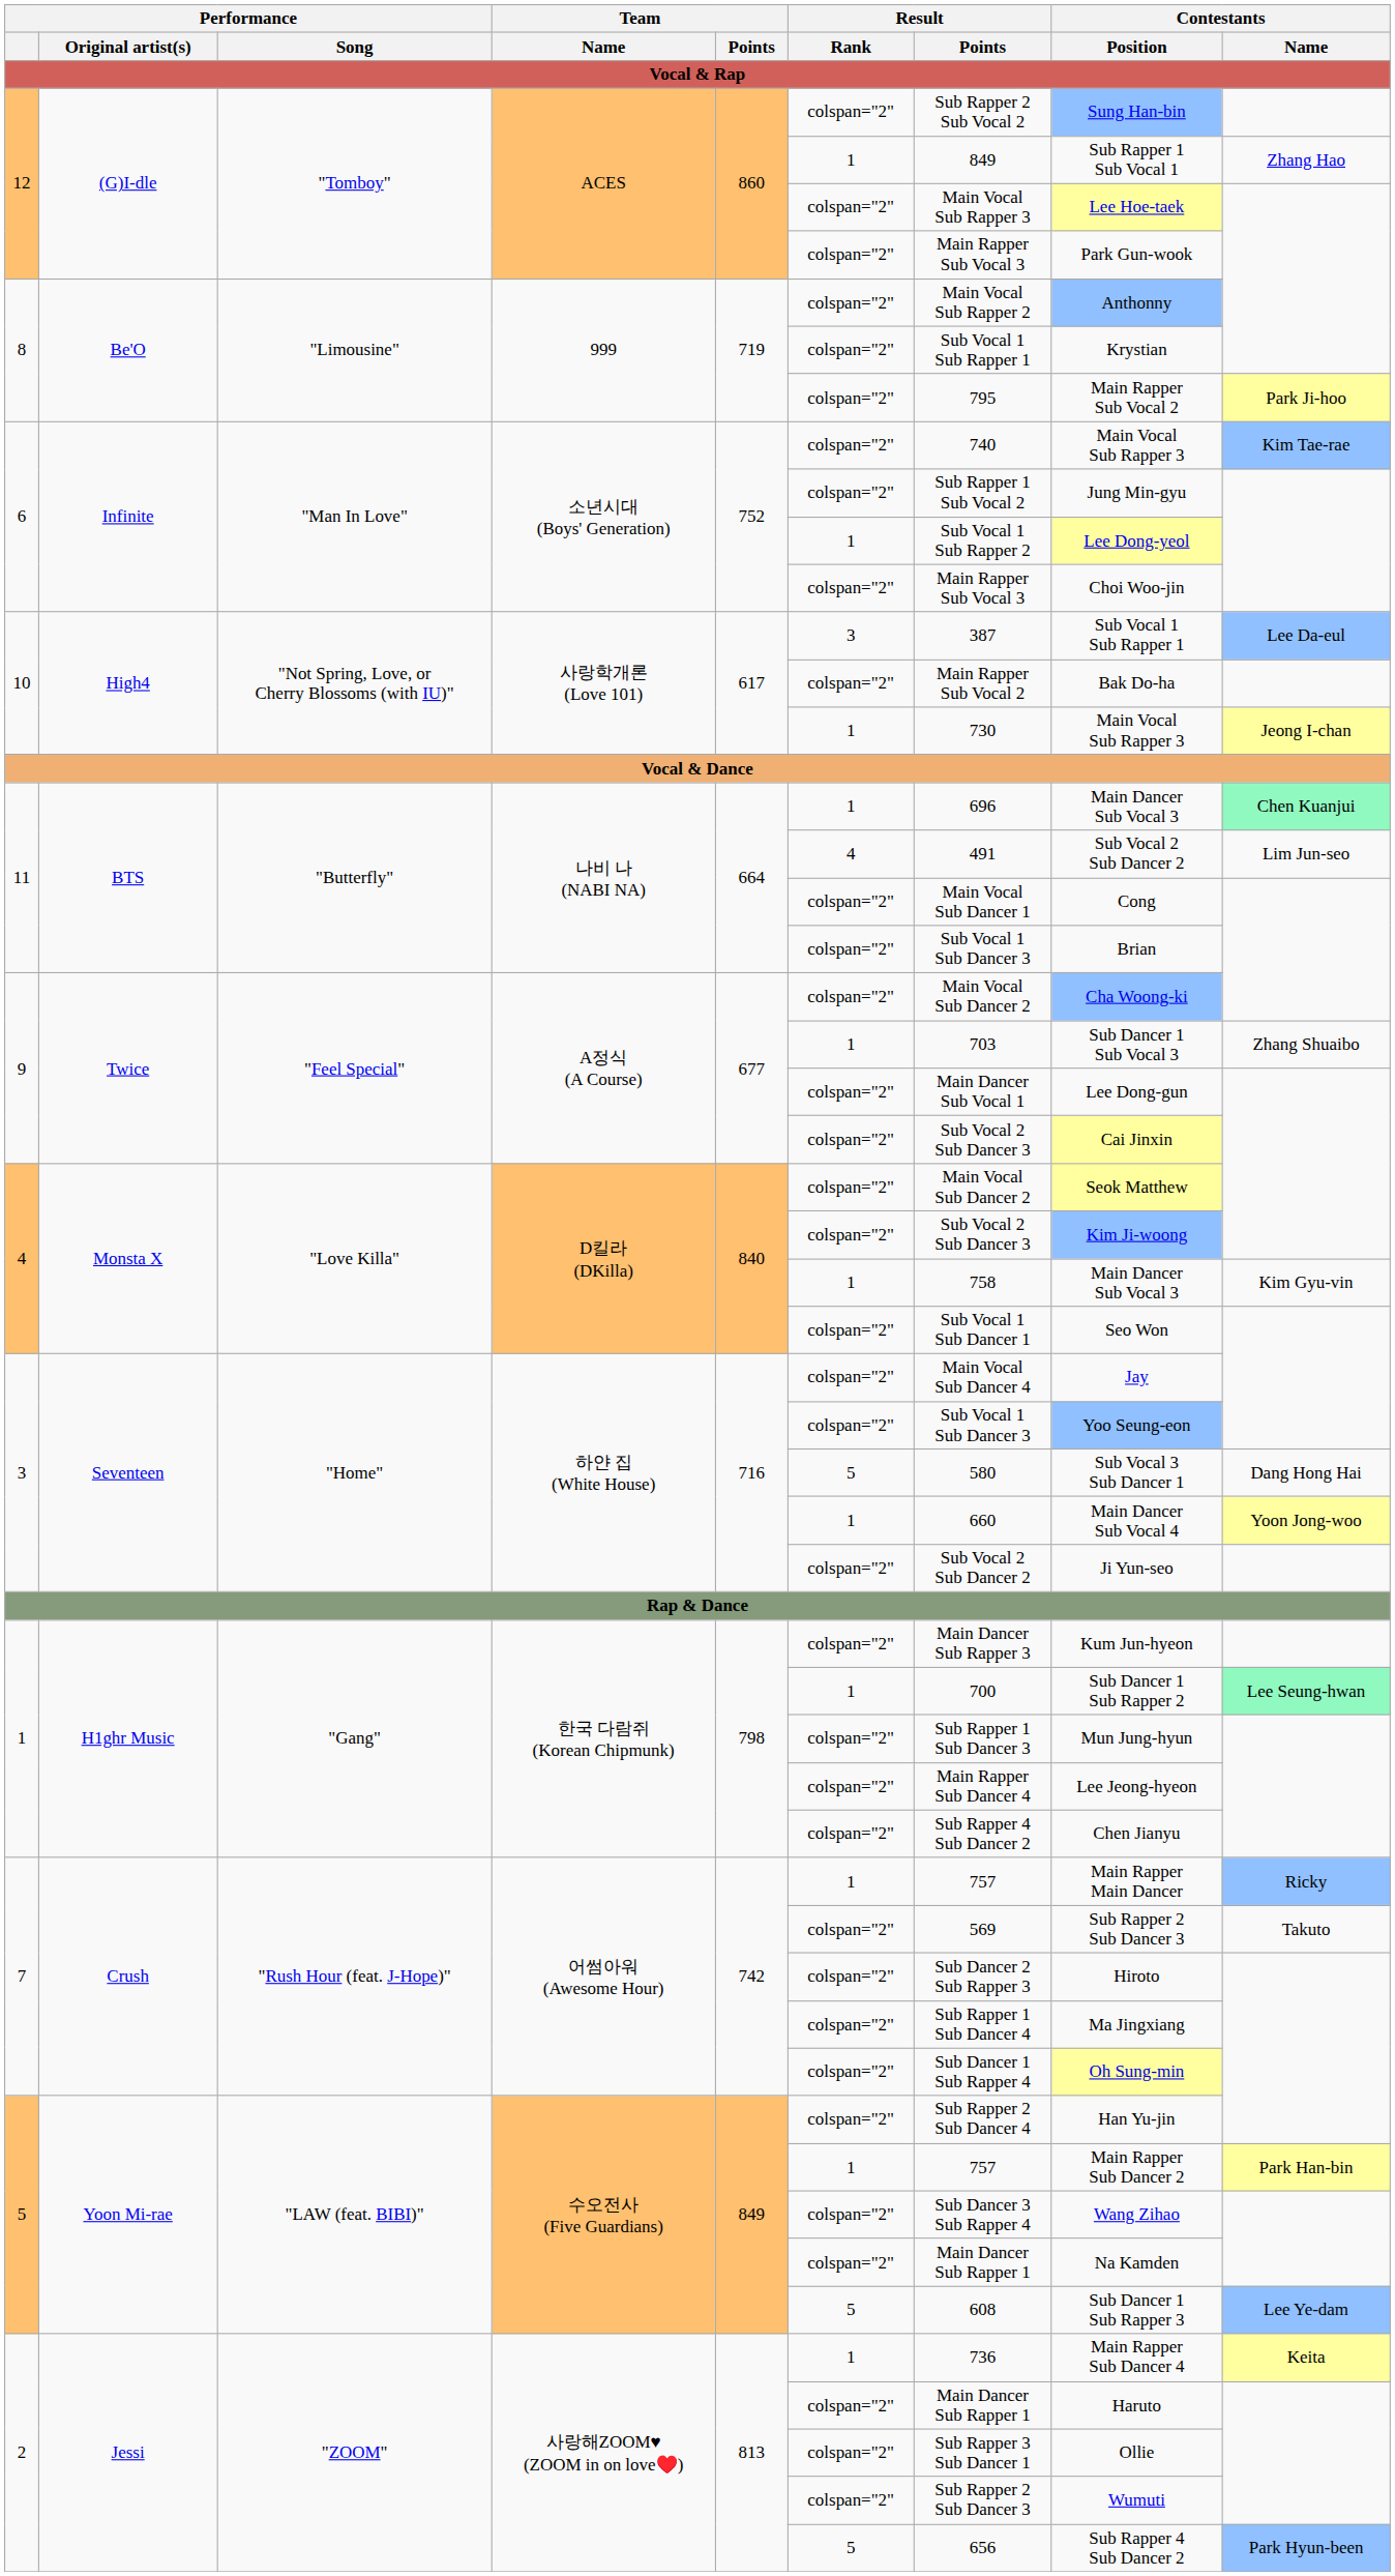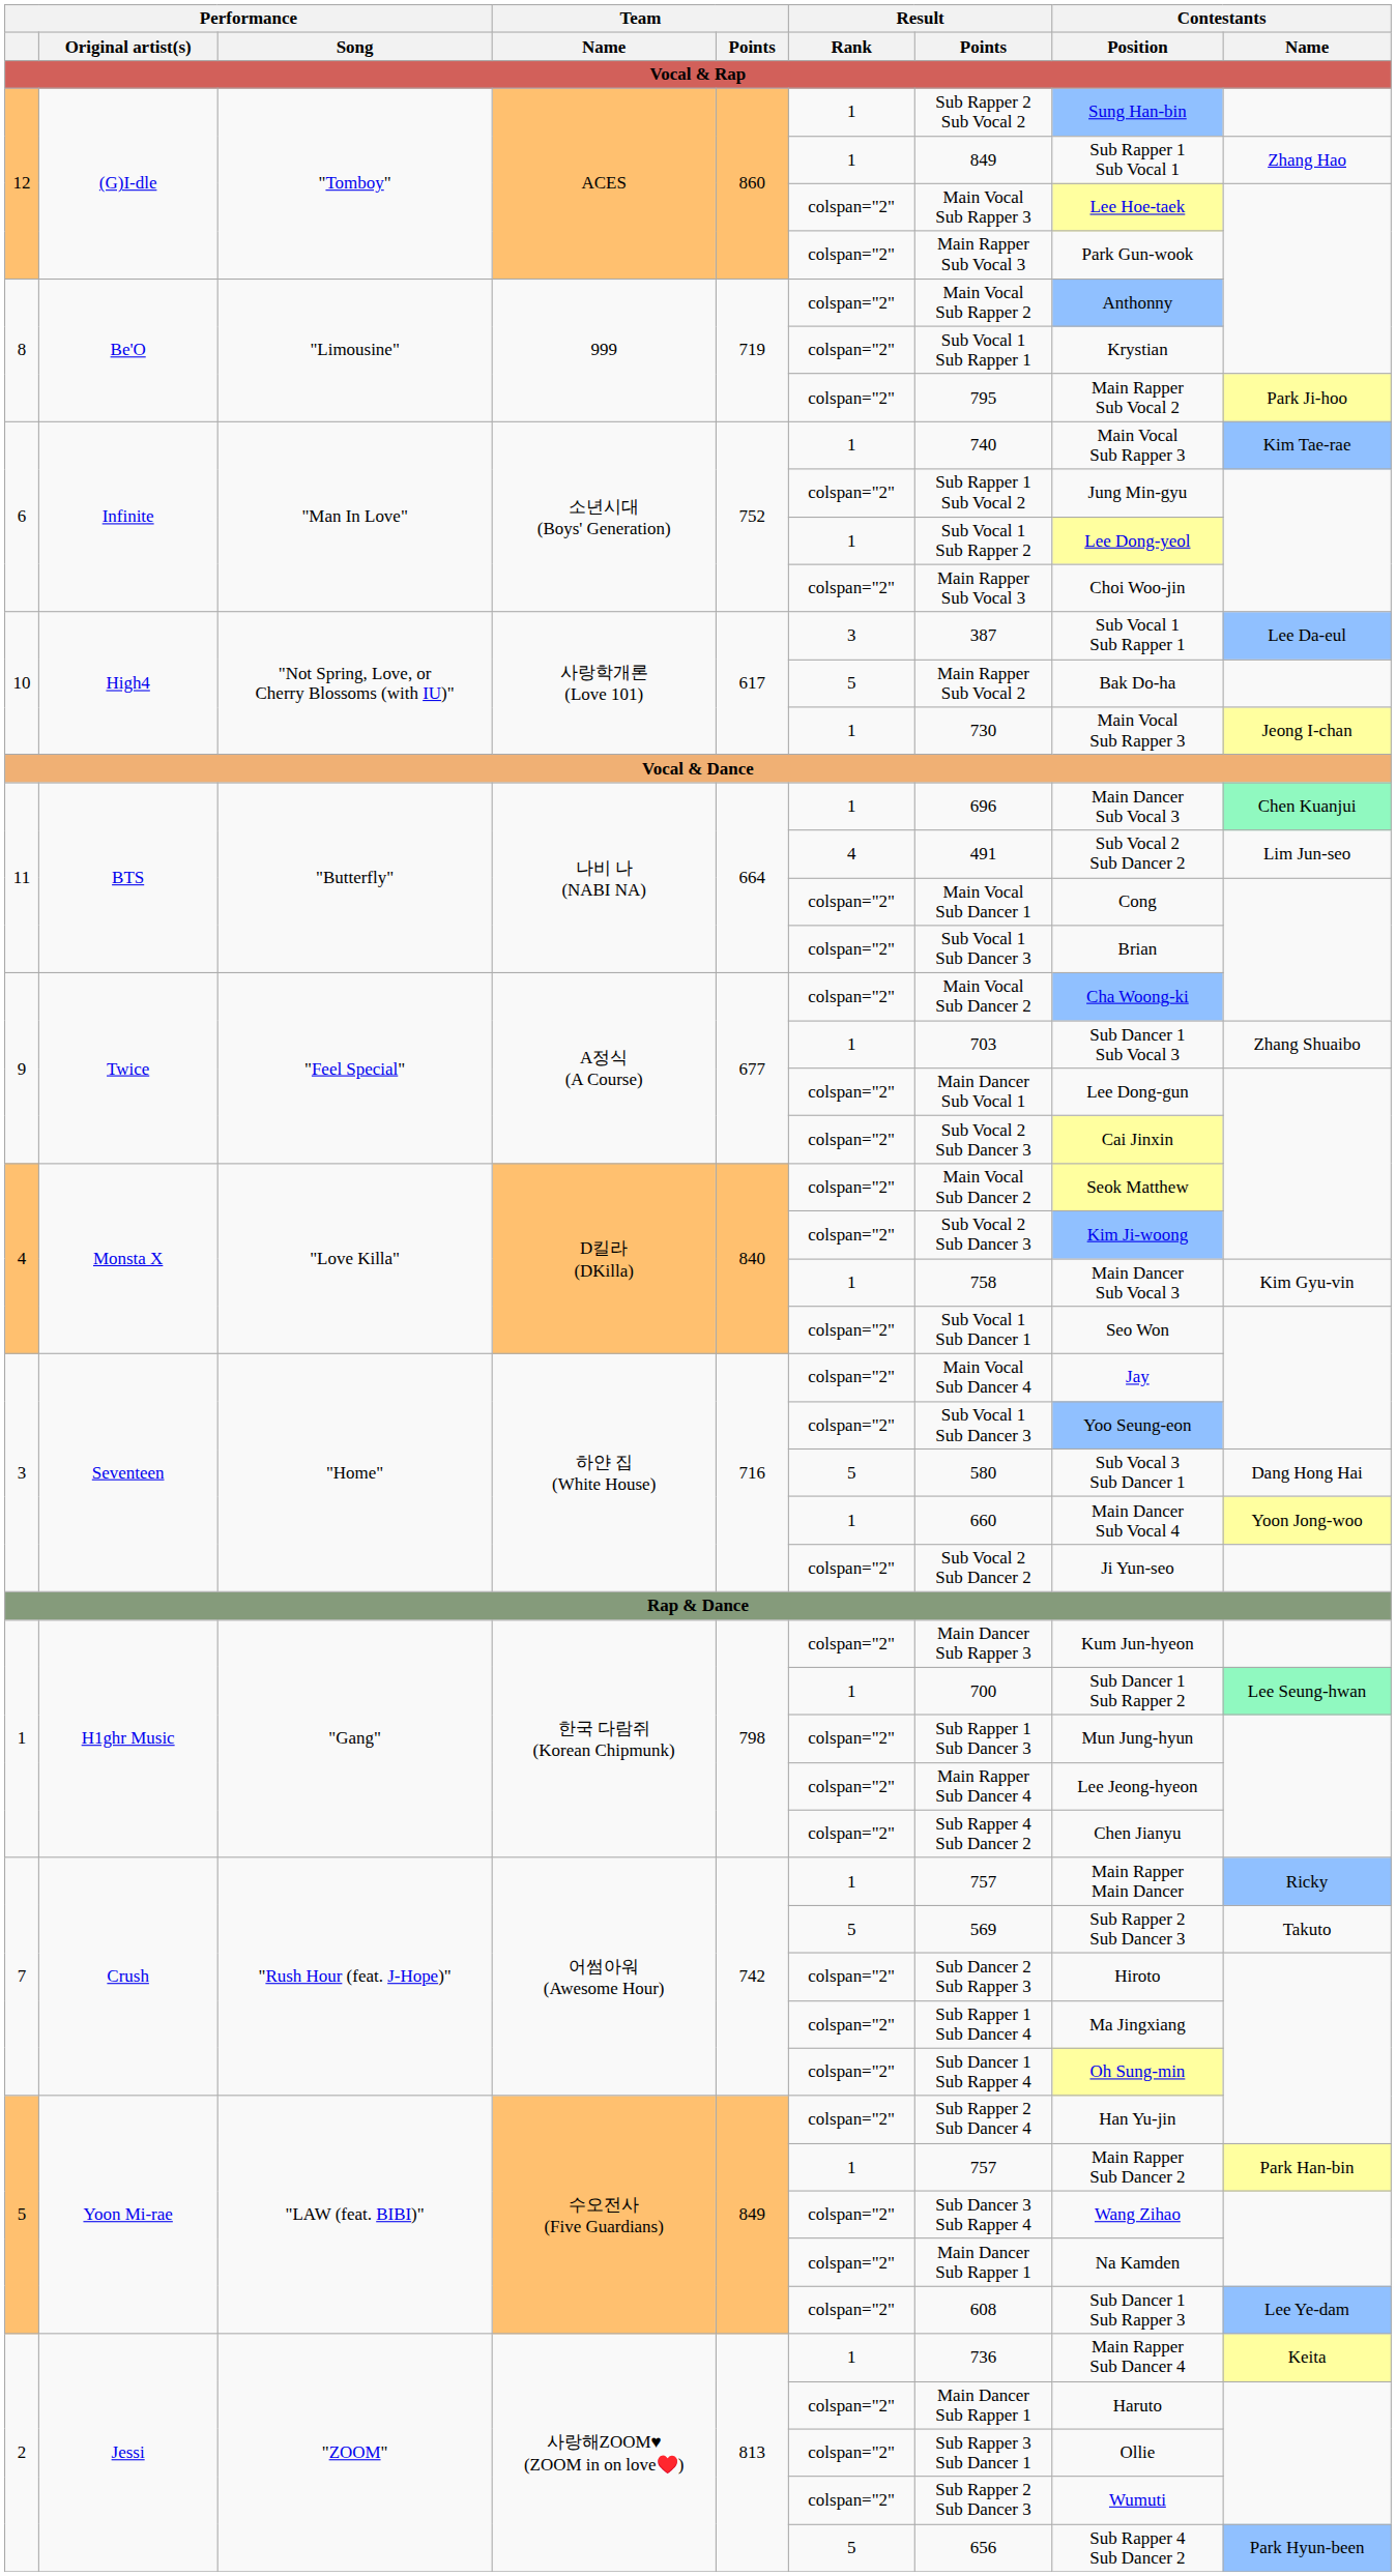 <table class="wikitable collapsible" style="width: 100%; text-align:center">
 <tr>
 <th colspan="3">Performance</th>
 <th colspan="2">Team</th>
 <th colspan="2">Result</th>
 <th colspan="2">Contestants</th>
 </tr>
 <tr>
 <th></th>
 <th>Original artist(s)</th>
 <th>Song</th>
 <th>Name</th>
 <th>Points</th>
 <th>Rank</th>
 <th>Points</th>
 <th>Position</th>
 <th>Name</th>
 </tr>
 <tr>
 <th colspan="9" style="background:#D2605A">Vocal & Rap</th>
 </tr>
 <tr>
 <td style="background:#FFC06F" rowspan="4">12</td>
 <td rowspan="4"><a href='#'>(G)I-dle</a></td>
 <td rowspan="4">"<a href='#'>Tomboy</a>"</td>
 <td style="background:#FFC06F" rowspan="4">ACES</td>
 <td style="background:#FFC06F" rowspan="4">860</td>
-<td>colspan="2" </td>
+<td>1</td>
 <td>Sub Rapper 2<br>Sub Vocal 2</td>
 <td style="background:#90C0FF"><a href='#'>Sung Han-bin</a></td>
 </tr>
 <tr>
 <td>1</td>
 <td>849</td>
 <td>Sub Rapper 1<br>Sub Vocal 1</td>
 <td><a href='#'>Zhang Hao</a></td>
 </tr>
 <tr>
 <td>colspan="2" </td>
 <td>Main Vocal<br>Sub Rapper 3</td>
 <td style="background:#FFFF9F"><a href='#'>Lee Hoe-taek</a></td>
 </tr>
 <tr>
 <td>colspan="2" </td>
 <td>Main Rapper<br>Sub Vocal 3</td>
 <td>Park Gun-wook</td>
 </tr>
 <tr>
 <td rowspan="3">8</td>
 <td rowspan="3"><a href='#'>Be'O</a></td>
 <td rowspan="3">"Limousine"<br></td>
 <td rowspan="3">999</td>
 <td rowspan="3">719</td>
 <td>colspan="2" </td>
 <td>Main Vocal<br>Sub Rapper 2</td>
 <td style="background:#90C0FF">Anthonny</td>
 </tr>
 <tr>
 <td>colspan="2" </td>
 <td>Sub Vocal 1<br>Sub Rapper 1</td>
 <td>Krystian</td>
 </tr>
 <tr>
 <td>colspan="2" </td>
 <td>795</td>
 <td>Main Rapper<br>Sub Vocal 2</td>
 <td style="background:#FFFF9F">Park Ji-hoo</td>
 </tr>
 <tr>
 <td rowspan="4">6</td>
 <td rowspan="4"><a href='#'>Infinite</a></td>
 <td rowspan="4">"Man In Love"<br></td>
 <td rowspan="4">소년시대<br>(Boys' Generation)</td>
 <td rowspan="4">752</td>
-<td>colspan="2" </td>
+<td>1</td>
 <td>740</td>
 <td>Main Vocal<br>Sub Rapper 3</td>
 <td style="background:#90C0FF">Kim Tae-rae</td>
 </tr>
 <tr>
 <td>colspan="2" </td>
 <td>Sub Rapper 1<br>Sub Vocal 2</td>
 <td>Jung Min-gyu</td>
 </tr>
 <tr>
 <td>1</td>
 <td>Sub Vocal 1<br>Sub Rapper 2</td>
 <td style="background:#FFFF9F"><a href='#'>Lee Dong-yeol</a></td>
 </tr>
 <tr>
 <td>colspan="2" </td>
 <td>Main Rapper<br>Sub Vocal 3</td>
 <td>Choi Woo-jin</td>
 </tr>
 <tr>
 <td rowspan="3">10</td>
 <td rowspan="3"><a href='#'>High4</a></td>
 <td rowspan="3">"Not Spring, Love, or <br>Cherry Blossoms (with <a href='#'>IU</a>)"<br></td>
 <td rowspan="3">사랑학개론<br>(Love 101)</td>
 <td rowspan="3">617</td>
 <td>3</td>
 <td>387</td>
 <td>Sub Vocal 1<br>Sub Rapper 1</td>
 <td style="background:#90C0FF">Lee Da-eul</td>
 </tr>
 <tr>
-<td>colspan="2" </td>
+<td>5</td>
 <td>Main Rapper<br>Sub Vocal 2</td>
 <td>Bak Do-ha</td>
 </tr>
 <tr>
 <td>1</td>
 <td>730</td>
 <td>Main Vocal<br>Sub Rapper 3</td>
 <td style="background:#FFFF9F">Jeong I-chan</td>
 </tr>
 <tr>
 <th colspan="9" style="background:#F0B074">Vocal & Dance</th>
 </tr>
 <tr>
 <td rowspan="4">11</td>
 <td rowspan="4"><a href='#'>BTS</a></td>
 <td rowspan="4">"Butterfly"</td>
 <td rowspan="4">나비 나<br>(NABI NA)</td>
 <td rowspan="4">664</td>
 <td>1</td>
 <td>696</td>
 <td>Main Dancer<br>Sub Vocal 3</td>
 <td style="background:#90F9C0">Chen Kuanjui</td>
 </tr>
 <tr>
 <td>4</td>
 <td>491</td>
 <td>Sub Vocal 2<br>Sub Dancer 2</td>
 <td>Lim Jun-seo</td>
 </tr>
 <tr>
 <td>colspan="2" </td>
 <td>Main Vocal<br>Sub Dancer 1</td>
 <td>Cong</td>
 </tr>
 <tr>
 <td>colspan="2" </td>
 <td>Sub Vocal 1<br>Sub Dancer 3</td>
 <td>Brian</td>
 </tr>
 <tr>
 <td rowspan="4">9</td>
 <td rowspan="4"><a href='#'>Twice</a></td>
 <td rowspan="4">"<a href='#'>Feel Special</a>"</td>
 <td rowspan="4">A정식<br>(A Course)</td>
 <td rowspan="4">677</td>
 <td>colspan="2" </td>
 <td>Main Vocal<br>Sub Dancer 2</td>
 <td style="background:#90C0FF"><a href='#'>Cha Woong-ki</a></td>
 </tr>
 <tr>
 <td>1</td>
 <td>703</td>
 <td>Sub Dancer 1<br>Sub Vocal 3</td>
 <td>Zhang Shuaibo</td>
 </tr>
 <tr>
 <td>colspan="2" </td>
 <td>Main Dancer<br>Sub Vocal 1</td>
 <td>Lee Dong-gun</td>
 </tr>
 <tr>
 <td>colspan="2" </td>
 <td>Sub Vocal 2<br>Sub Dancer 3</td>
 <td style="background:#FFFF9F">Cai Jinxin</td>
 </tr>
 <tr>
 <td style="background:#FFC06F" rowspan="4">4</td>
 <td rowspan="4"><a href='#'>Monsta X</a></td>
 <td rowspan="4">"Love Killa"</td>
 <td style="background:#FFC06F" rowspan="4">D킬라<br>(DKilla)</td>
 <td style="background:#FFC06F" rowspan="4">840</td>
 <td>colspan="2" </td>
 <td>Main Vocal<br>Sub Dancer 2</td>
 <td style="background:#FFFF9F">Seok Matthew</td>
 </tr>
 <tr>
 <td>colspan="2" </td>
 <td>Sub Vocal 2<br>Sub Dancer 3</td>
 <td style="background:#90C0FF"><a href='#'>Kim Ji-woong</a></td>
 </tr>
 <tr>
 <td>1</td>
 <td>758</td>
 <td>Main Dancer<br>Sub Vocal 3</td>
 <td>Kim Gyu-vin</td>
 </tr>
 <tr>
 <td>colspan="2" </td>
 <td>Sub Vocal 1<br>Sub Dancer 1</td>
 <td>Seo Won</td>
 </tr>
 <tr>
 <td rowspan="5">3</td>
 <td rowspan="5"><a href='#'>Seventeen</a></td>
 <td rowspan="5">"Home"</td>
 <td rowspan="5">하얀 집<br>(White House)</td>
 <td rowspan="5">716</td>
 <td>colspan="2" </td>
 <td>Main Vocal<br>Sub Dancer 4</td>
 <td><a href='#'>Jay</a></td>
 </tr>
 <tr>
 <td>colspan="2" </td>
 <td>Sub Vocal 1<br>Sub Dancer 3</td>
 <td style="background:#90C0FF">Yoo Seung-eon</td>
 </tr>
 <tr>
 <td>5</td>
 <td>580</td>
 <td>Sub Vocal 3<br>Sub Dancer 1</td>
 <td>Dang Hong Hai</td>
 </tr>
 <tr>
 <td>1</td>
 <td>660</td>
 <td>Main Dancer<br> Sub Vocal 4</td>
 <td style="background:#FFFF9F">Yoon Jong-woo</td>
 </tr>
 <tr>
 <td>colspan="2" </td>
 <td>Sub Vocal 2<br>Sub Dancer 2</td>
 <td>Ji Yun-seo</td>
 </tr>
 <tr>
 <th colspan="9" style="background:#859B7B">Rap & Dance</th>
 </tr>
 <tr>
 <td rowspan="5">1</td>
 <td rowspan="5"><a href='#'>H1ghr Music</a></td>
 <td rowspan="5">"Gang"<br></td>
 <td rowspan="5">한국 다람쥐<br>(Korean Chipmunk)</td>
 <td rowspan="5">798</td>
 <td>colspan="2" </td>
 <td>Main Dancer<br>Sub Rapper 3</td>
 <td>Kum Jun-hyeon</td>
 </tr>
 <tr>
 <td>1</td>
 <td>700</td>
 <td>Sub Dancer 1<br>Sub Rapper 2</td>
 <td style="background:#90F9C0">Lee Seung-hwan</td>
 </tr>
 <tr>
 <td>colspan="2" </td>
 <td>Sub Rapper 1<br>Sub Dancer 3</td>
 <td>Mun Jung-hyun</td>
 </tr>
 <tr>
 <td>colspan="2" </td>
 <td>Main Rapper<br>Sub Dancer 4</td>
 <td>Lee Jeong-hyeon</td>
 </tr>
 <tr>
 <td>colspan="2" </td>
 <td>Sub Rapper 4<br>Sub Dancer 2</td>
 <td>Chen Jianyu</td>
 </tr>
 <tr>
 <td rowspan="5">7</td>
 <td rowspan="5"><a href='#'>Crush</a></td>
 <td rowspan="5">"<a href='#'>Rush Hour</a> (feat. <a href='#'>J-Hope</a>)"</td>
 <td rowspan="5">어썸아워<br>(Awesome Hour)</td>
 <td rowspan="5">742</td>
 <td>1</td>
 <td>757</td>
 <td>Main Rapper<br>Main Dancer</td>
 <td style="background:#90C0FF">Ricky</td>
 </tr>
 <tr>
-<td>colspan="2" </td>
+<td>5</td>
 <td>569</td>
 <td>Sub Rapper 2<br>Sub Dancer 3</td>
 <td>Takuto</td>
 </tr>
 <tr>
 <td>colspan="2" </td>
 <td>Sub Dancer 2<br>Sub Rapper 3</td>
 <td>Hiroto</td>
 </tr>
 <tr>
 <td>colspan="2" </td>
 <td>Sub Rapper 1<br>Sub Dancer 4</td>
 <td>Ma Jingxiang</td>
 </tr>
 <tr>
 <td>colspan="2" </td>
 <td>Sub Dancer 1<br>Sub Rapper 4</td>
 <td style="background:#FFFF9F"><a href='#'>Oh Sung-min</a></td>
 </tr>
 <tr>
 <td style="background:#FFC06F" rowspan="5">5</td>
 <td rowspan="5"><a href='#'>Yoon Mi-rae</a></td>
 <td rowspan="5">"LAW (feat. <a href='#'>BIBI</a>)"</td>
 <td style="background:#FFC06F" rowspan="5">수오전사<br>(Five Guardians)</td>
 <td style="background:#FFC06F" rowspan="5">849</td>
 <td>colspan="2" </td>
 <td>Sub Rapper 2<br>Sub Dancer 4</td>
 <td>Han Yu-jin</td>
 </tr>
 <tr>
 <td>1</td>
 <td>757</td>
 <td>Main Rapper<br>Sub Dancer 2</td>
 <td style="background:#FFFF9F">Park Han-bin</td>
 </tr>
 <tr>
 <td>colspan="2" </td>
 <td>Sub Dancer 3<br>Sub Rapper 4</td>
 <td><a href='#'>Wang Zihao</a></td>
 </tr>
 <tr>
 <td>colspan="2" </td>
 <td>Main Dancer<br>Sub Rapper 1</td>
 <td>Na Kamden</td>
 </tr>
 <tr>
-<td>5</td>
+<td>colspan="2" </td>
 <td>608</td>
 <td>Sub Dancer 1<br>Sub Rapper 3</td>
 <td style="background:#90C0FF">Lee Ye-dam</td>
 </tr>
 <tr>
 <td rowspan="5">2</td>
 <td rowspan="5"><a href='#'>Jessi</a></td>
 <td rowspan="5">"<a href='#'>ZOOM</a>"</td>
 <td rowspan="5">사랑해ZOOM♥<br>(ZOOM in on love♥️)</td>
 <td rowspan="5">813</td>
 <td>1</td>
 <td>736</td>
 <td>Main Rapper<br>Sub Dancer 4</td>
 <td style="background:#FFFF9F">Keita</td>
 </tr>
 <tr>
 <td>colspan="2" </td>
 <td>Main Dancer<br>Sub Rapper 1</td>
 <td>Haruto</td>
 </tr>
 <tr>
 <td>colspan="2" </td>
 <td>Sub Rapper 3<br>Sub Dancer 1</td>
 <td>Ollie</td>
 </tr>
 <tr>
 <td>colspan="2" </td>
 <td>Sub Rapper 2<br>Sub Dancer 3</td>
 <td><a href='#'>Wumuti</a></td>
 </tr>
 <tr>
 <td>5</td>
 <td>656</td>
 <td>Sub Rapper 4<br>Sub Dancer 2</td>
 <td style="background:#90C0FF">Park Hyun-been</td>
 </tr>
 </table>
